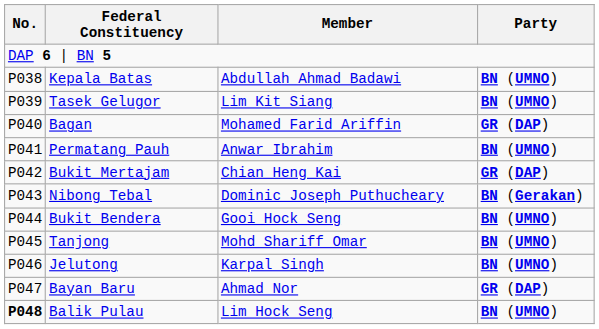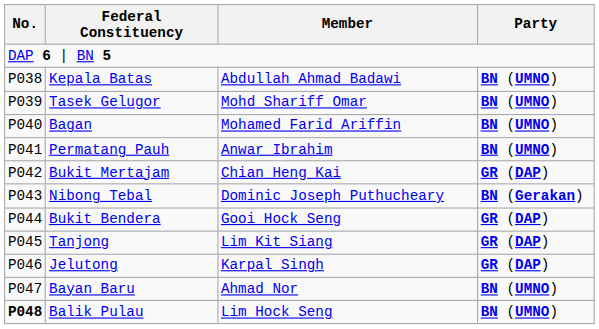 <table class="wikitable sortable">
 <tr>
 <th style="width:30px;">No.</th>
 <th style="width:150px;">Federal Constituency</th>
 <th style="width:230px;">Member</th>
 <th style="width:100px;">Party</th>
 </tr>
 <tr>
 <td colspan="4"><a href='#'>DAP</a> <strong>6</strong> | <a href='#'>BN</a> <strong>5</strong></td>
 </tr>
 <tr>
 <td>P038</td>
 <td><a href='#'>Kepala Batas</a></td>
 <td><a href='#'>Abdullah Ahmad Badawi</a></td>
 <td><strong><a href='#'>BN</a></strong> (<strong><a href='#'>UMNO</a></strong>)</td>
 </tr>
 <tr>
 <td>P039</td>
 <td><a href='#'>Tasek Gelugor</a></td>
-<td><a href='#'>Lim Kit Siang</a></td>
+<td><a href='#'>Mohd Shariff Omar</a></td>
 <td><strong><a href='#'>BN</a></strong> (<strong><a href='#'>UMNO</a></strong>)</td>
 </tr>
 <tr>
 <td>P040</td>
 <td><a href='#'>Bagan</a></td>
 <td><a href='#'>Mohamed Farid Ariffin</a></td>
-<td><strong><a href='#'>GR</a></strong> (<strong><a href='#'>DAP</a></strong>)</td>
+<td><strong><a href='#'>BN</a></strong> (<strong><a href='#'>UMNO</a></strong>)</td>
 </tr>
 <tr>
 <td>P041</td>
 <td><a href='#'>Permatang Pauh</a></td>
 <td><a href='#'>Anwar Ibrahim</a></td>
 <td><strong><a href='#'>BN</a></strong> (<strong><a href='#'>UMNO</a></strong>)</td>
 </tr>
 <tr>
 <td>P042</td>
 <td><a href='#'>Bukit Mertajam</a></td>
 <td><a href='#'>Chian Heng Kai</a></td>
 <td><strong><a href='#'>GR</a></strong> (<strong><a href='#'>DAP</a></strong>)</td>
 </tr>
 <tr>
 <td>P043</td>
 <td><a href='#'>Nibong Tebal</a></td>
 <td><a href='#'>Dominic Joseph Puthucheary</a></td>
 <td><strong><a href='#'>BN</a></strong> (<strong><a href='#'>Gerakan</a></strong>)</td>
 </tr>
 <tr>
 <td>P044</td>
 <td><a href='#'>Bukit Bendera</a></td>
 <td><a href='#'>Gooi Hock Seng</a></td>
-<td><strong><a href='#'>BN</a></strong> (<strong><a href='#'>UMNO</a></strong>)</td>
+<td><strong><a href='#'>GR</a></strong> (<strong><a href='#'>DAP</a></strong>)</td>
 </tr>
 <tr>
 <td>P045</td>
 <td><a href='#'>Tanjong</a></td>
-<td><a href='#'>Mohd Shariff Omar</a></td>
-<td><strong><a href='#'>BN</a></strong> (<strong><a href='#'>UMNO</a></strong>)</td>
+<td><a href='#'>Lim Kit Siang</a></td>
+<td><strong><a href='#'>GR</a></strong> (<strong><a href='#'>DAP</a></strong>)</td>
 </tr>
 <tr>
 <td>P046</td>
 <td><a href='#'>Jelutong</a></td>
 <td><a href='#'>Karpal Singh</a></td>
-<td><strong><a href='#'>BN</a></strong> (<strong><a href='#'>UMNO</a></strong>)</td>
+<td><strong><a href='#'>GR</a></strong> (<strong><a href='#'>DAP</a></strong>)</td>
 </tr>
 <tr>
 <td>P047</td>
 <td><a href='#'>Bayan Baru</a></td>
 <td><a href='#'>Ahmad Nor</a></td>
-<td><strong><a href='#'>GR</a></strong> (<strong><a href='#'>DAP</a></strong>)</td>
+<td><strong><a href='#'>BN</a></strong> (<strong><a href='#'>UMNO</a></strong>)</td>
 </tr>
 <tr>
 <td><strong>P048</strong></td>
 <td><a href='#'>Balik Pulau</a></td>
 <td><a href='#'>Lim Hock Seng</a></td>
 <td><strong><a href='#'>BN</a></strong> (<strong><a href='#'>UMNO</a></strong>)</td>
 </tr>
 </table>
